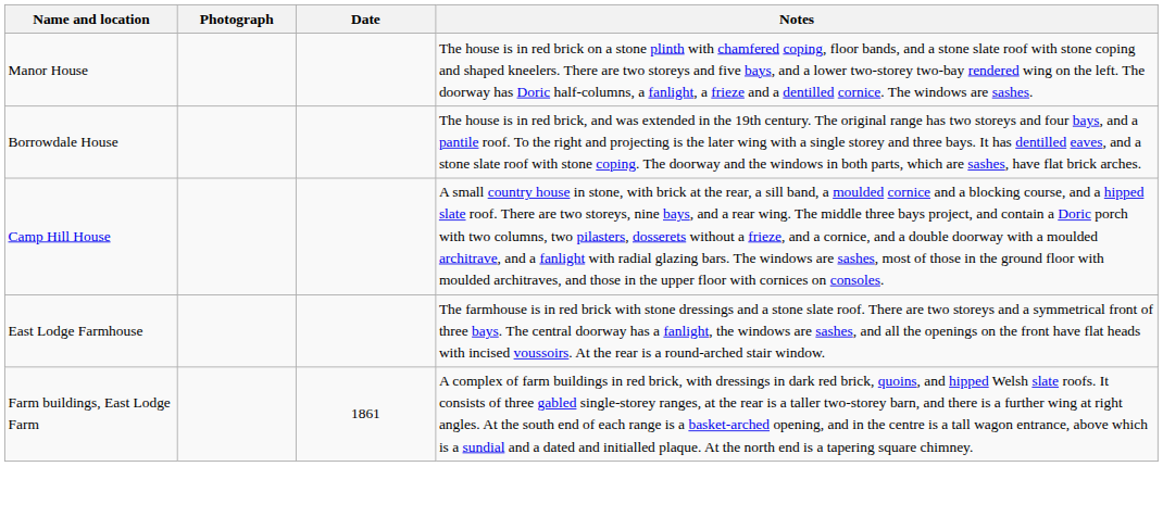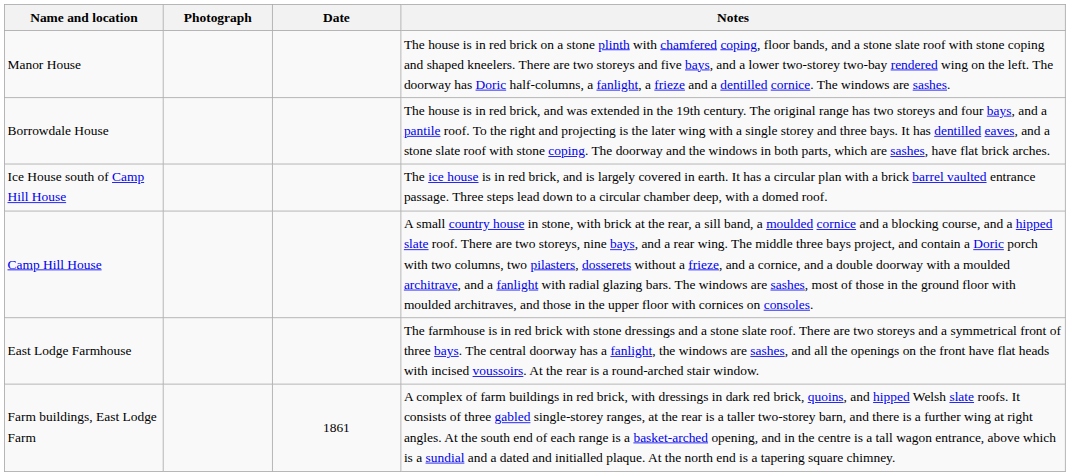 <table class="wikitable sortable plainrowheaders" style="width:100%;border:0px;text-align:left;line-height:150%;">
 <tr>
 <th scope="col"  style="width:150px">Name and location</th>
 <th scope="col"  style="width:100px" class="unsortable">Photograph</th>
 <th scope="col"  style="width:120px">Date</th>
 <th scope="col"  style="width:650px" class="unsortable">Notes</th>
 </tr>
 <tr>
 <td>Manor House<br><small></small></td>
 <td></td>
 <td align="center"></td>
 <td>The house is in red brick on a stone <a href='#'>plinth</a> with <a href='#'>chamfered</a> <a href='#'>coping</a>, floor bands, and a stone slate roof with stone coping and shaped kneelers.  There are two storeys and five <a href='#'>bays</a>, and a lower two-storey two-bay <a href='#'>rendered</a> wing on the left.  The doorway has <a href='#'>Doric</a> half-columns, a <a href='#'>fanlight</a>, a <a href='#'>frieze</a> and a <a href='#'>dentilled</a> <a href='#'>cornice</a>.  The windows are <a href='#'>sashes</a>.</td>
 </tr>
 <tr>
 <td>Borrowdale House<br><small></small></td>
 <td></td>
 <td align="center"></td>
 <td>The house is in red brick, and was extended in the 19th century.  The original range has two storeys and four <a href='#'>bays</a>, and a <a href='#'>pantile</a> roof.  To the right and projecting is the later wing with a single storey and three bays.  It has <a href='#'>dentilled</a> <a href='#'>eaves</a>, and a stone slate roof with stone <a href='#'>coping</a>.  The doorway and the windows in both parts, which are <a href='#'>sashes</a>, have flat brick arches.</td>
+</tr>
+<tr>
+<td>Ice House south of <a href='#'>Camp Hill House</a><br><small></small></td>
+<td></td>
+<td align="center"></td>
+<td>The <a href='#'>ice house</a> is in red brick, and is largely covered in earth.  It has a circular plan with a brick <a href='#'>barrel vaulted</a> entrance passage.  Three steps lead down to a circular chamber  deep, with a domed roof.</td>
 </tr>
 <tr>
 <td><a href='#'>Camp Hill House</a><br><small></small></td>
 <td></td>
 <td align="center"></td>
 <td>A small <a href='#'>country house</a> in stone, with brick at the rear, a sill band, a <a href='#'>moulded</a> <a href='#'>cornice</a> and a blocking course, and a <a href='#'>hipped</a> <a href='#'>slate</a> roof.  There are two storeys, nine <a href='#'>bays</a>, and a rear wing.  The middle three bays project, and contain a <a href='#'>Doric</a> porch with two columns, two <a href='#'>pilasters</a>, <a href='#'>dosserets</a> without a <a href='#'>frieze</a>, and a cornice, and a double doorway with a moulded <a href='#'>architrave</a>, and a <a href='#'>fanlight</a> with radial glazing bars.  The windows are <a href='#'>sashes</a>, most of those in the ground floor with moulded architraves, and those in the upper floor with cornices on <a href='#'>consoles</a>.</td>
 </tr>
 <tr>
 <td>East Lodge Farmhouse<br><small></small></td>
 <td></td>
 <td align="center"></td>
 <td>The farmhouse is in red brick with stone dressings and a stone slate roof.  There are two storeys and a symmetrical front of three <a href='#'>bays</a>.  The central doorway has a <a href='#'>fanlight</a>, the windows are <a href='#'>sashes</a>, and all the openings on the front have flat heads with incised <a href='#'>voussoirs</a>.  At the rear is a round-arched stair window.</td>
 </tr>
 <tr>
 <td>Farm buildings, East Lodge Farm<br><small></small></td>
 <td></td>
 <td align="center">1861</td>
 <td>A complex of farm buildings in red brick, with dressings in dark red brick, <a href='#'>quoins</a>, and <a href='#'>hipped</a> Welsh <a href='#'>slate</a> roofs.  It consists of three <a href='#'>gabled</a> single-storey ranges, at the rear is a taller two-storey barn, and there is a further wing at right angles.  At the south end of each range is a <a href='#'>basket-arched</a> opening, and in the centre is a tall wagon entrance, above which is a <a href='#'>sundial</a> and a dated and initialled plaque.  At the north end is a tapering square chimney.</td>
 </tr>
 <tr>
 </tr>
 </table>
